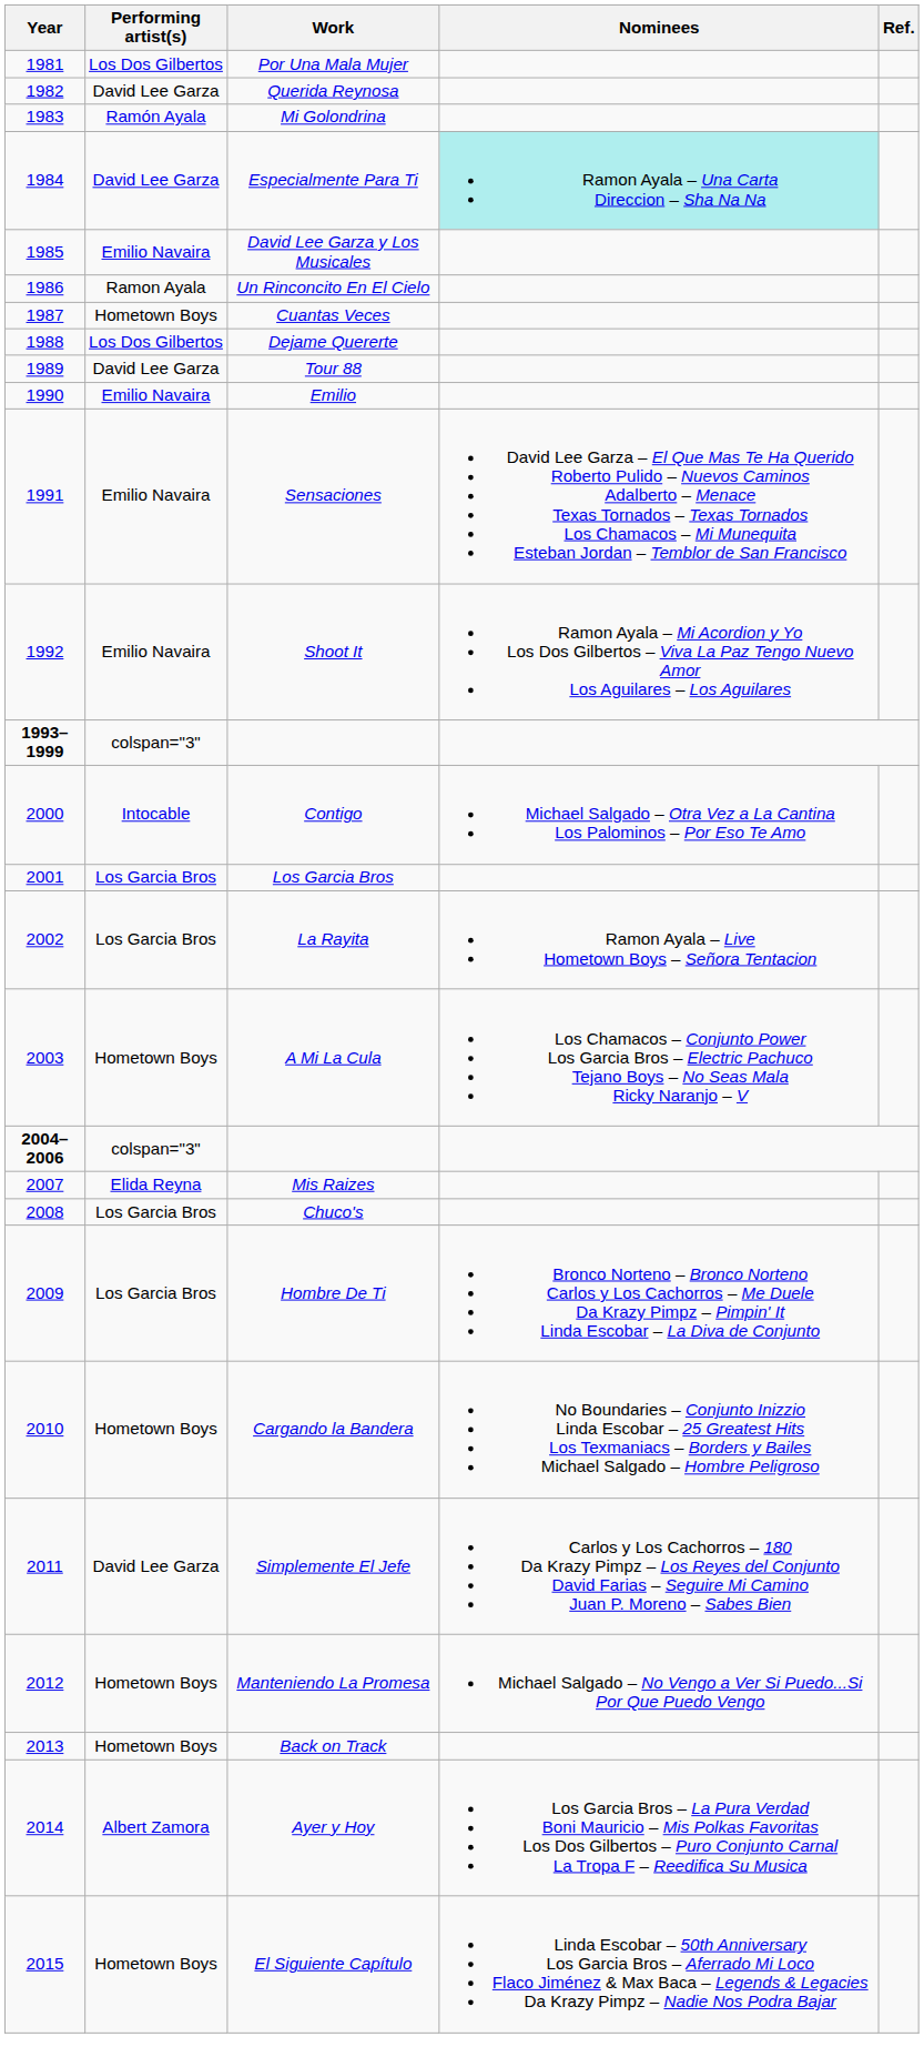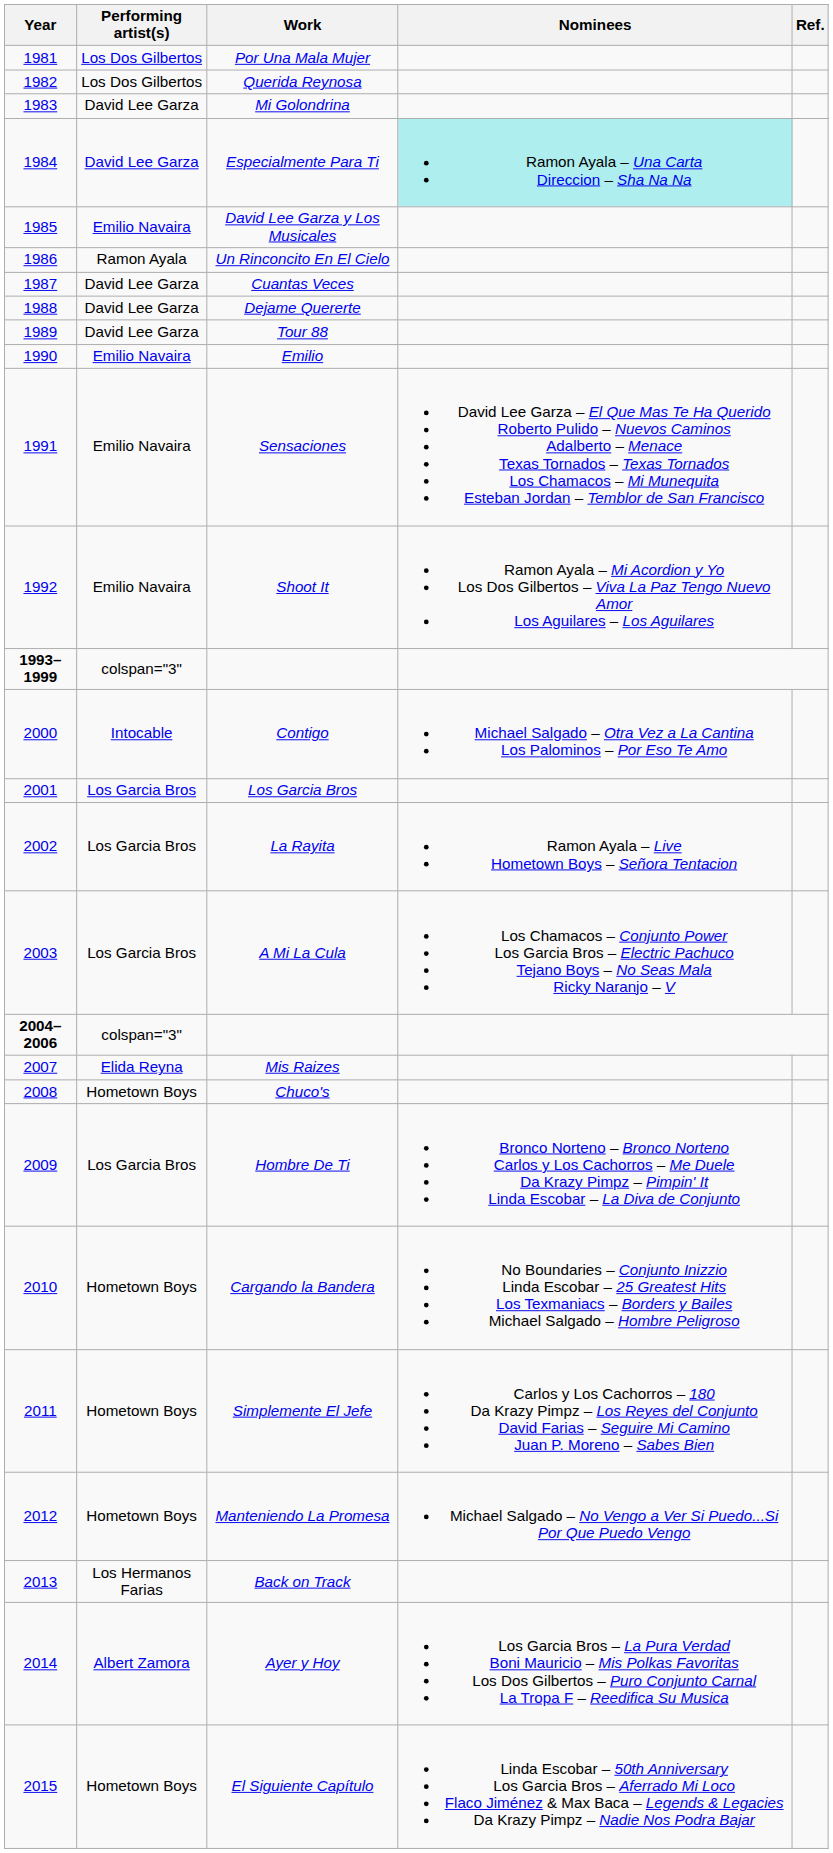 <table class="wikitable sortable" style="text-align: center;">
 <tr>
 <th bgcolor="#efefef">Year</th>
 <th bgcolor="#efefef">Performing artist(s)</th>
 <th bgcolor="#efefef">Work</th>
 <th bgcolor="#efefef" class=unsortable>Nominees</th>
 <th bgcolor="#efefef" class=unsortable>Ref.</th>
 </tr>
 <tr>
 <td><a href='#'>1981</a></td>
 <td><a href='#'>Los Dos Gilbertos</a></td>
 <td><em><a href='#'>Por Una Mala Mujer</a></em></td>
 <td></td>
 <td></td>
 </tr>
 <tr>
 <td><a href='#'>1982</a></td>
-<td>David Lee Garza</td>
+<td>Los Dos Gilbertos</td>
 <td><em><a href='#'>Querida Reynosa</a></em></td>
 <td></td>
 <td></td>
 </tr>
 <tr>
 <td><a href='#'>1983</a></td>
-<td><a href='#'>Ramón Ayala</a></td>
+<td>David Lee Garza</td>
 <td><em><a href='#'>Mi Golondrina</a></em></td>
 <td></td>
 <td></td>
 </tr>
 <tr>
 <td><a href='#'>1984</a></td>
 <td><a href='#'>David Lee Garza</a></td>
 <td><em><a href='#'>Especialmente Para Ti</a></em></td>
 <td style="background: paleturquoise;"><div><br><ul><li>Ramon Ayala – <em><a href='#'>Una Carta</a></em></li><li><a href='#'>Direccion</a> – <em><a href='#'>Sha Na Na</a></em></li></ul></div></td>
 <td></td>
 </tr>
 <tr>
 <td><a href='#'>1985</a></td>
 <td><a href='#'>Emilio Navaira</a></td>
 <td><em><a href='#'>David Lee Garza y Los Musicales</a></em></td>
 <td></td>
 <td></td>
 </tr>
 <tr>
 <td><a href='#'>1986</a></td>
 <td>Ramon Ayala</td>
 <td><em><a href='#'>Un Rinconcito En El Cielo</a></em></td>
 <td></td>
 <td></td>
 </tr>
 <tr>
 <td><a href='#'>1987</a></td>
-<td>Hometown Boys</td>
+<td>David Lee Garza</td>
 <td><em><a href='#'>Cuantas Veces</a></em></td>
 <td></td>
 <td></td>
 </tr>
 <tr>
 <td><a href='#'>1988</a></td>
-<td><a href='#'>Los Dos Gilbertos</a></td>
+<td>David Lee Garza</td>
 <td><em><a href='#'>Dejame Quererte</a></em></td>
 <td></td>
 <td></td>
 </tr>
 <tr>
 <td><a href='#'>1989</a></td>
 <td>David Lee Garza</td>
 <td><em><a href='#'>Tour 88</a></em></td>
 <td></td>
 <td></td>
 </tr>
 <tr>
 <td><a href='#'>1990</a></td>
 <td><a href='#'>Emilio Navaira</a></td>
 <td><em><a href='#'>Emilio</a></em></td>
 <td></td>
 <td></td>
 </tr>
 <tr>
 <td><a href='#'>1991</a></td>
 <td>Emilio Navaira</td>
 <td><em><a href='#'>Sensaciones</a></em></td>
 <td><div><br><ul><li>David Lee Garza – <em><a href='#'>El Que Mas Te Ha Querido</a></em></li><li><a href='#'>Roberto Pulido</a> – <em><a href='#'>Nuevos Caminos</a></em></li><li><a href='#'>Adalberto</a> – <em><a href='#'>Menace</a></em></li><li><a href='#'>Texas Tornados</a> – <em><a href='#'>Texas Tornados</a></em></li><li><a href='#'>Los Chamacos</a> – <em><a href='#'>Mi Munequita</a></em></li><li><a href='#'>Esteban Jordan</a> – <em><a href='#'>Temblor de San Francisco</a></em></li></ul></div></td>
 <td></td>
 </tr>
 <tr>
 <td><a href='#'>1992</a></td>
 <td>Emilio Navaira</td>
 <td><em><a href='#'>Shoot It</a></em></td>
 <td><div><br><ul><li>Ramon Ayala – <em><a href='#'>Mi Acordion y Yo</a></em></li><li>Los Dos Gilbertos – <em><a href='#'>Viva La Paz Tengo Nuevo Amor</a></em></li><li><a href='#'>Los Aguilares</a> – <em><a href='#'>Los Aguilares</a></em></li></ul></div></td>
 <td></td>
 </tr>
 <tr>
 <td><strong>1993–1999</strong></td>
 <td>colspan="3" </td>
 <td></td>
 </tr>
 <tr>
 <td><a href='#'>2000</a></td>
 <td><a href='#'>Intocable</a></td>
 <td><em><a href='#'>Contigo</a></em></td>
 <td><div><br><ul><li><a href='#'>Michael Salgado</a> – <em><a href='#'>Otra Vez a La Cantina</a></em></li><li><a href='#'>Los Palominos</a> – <em><a href='#'>Por Eso Te Amo</a></em></li></ul></div></td>
 <td></td>
 </tr>
 <tr>
 <td><a href='#'>2001</a></td>
 <td><a href='#'>Los Garcia Bros</a></td>
 <td><em><a href='#'>Los Garcia Bros</a></em></td>
 <td></td>
 <td></td>
 </tr>
 <tr>
 <td><a href='#'>2002</a></td>
 <td>Los Garcia Bros</td>
 <td><em><a href='#'>La Rayita</a></em></td>
 <td><div><br><ul><li>Ramon Ayala – <em><a href='#'>Live</a></em></li><li><a href='#'>Hometown Boys</a> – <em><a href='#'>Señora Tentacion</a></em></div></li></ul></td>
 <td></td>
 </tr>
 <tr>
 <td><a href='#'>2003</a></td>
-<td>Hometown Boys</td>
+<td>Los Garcia Bros</td>
 <td><em><a href='#'>A Mi La Cula</a></em></td>
 <td><div><br><ul><li>Los Chamacos – <em><a href='#'>Conjunto Power</a></em></li><li>Los Garcia Bros – <em><a href='#'>Electric Pachuco</a></em></li><li><a href='#'>Tejano Boys</a> – <em><a href='#'>No Seas Mala</a></em></li><li><a href='#'>Ricky Naranjo</a> – <em><a href='#'>V</a></em></li></ul></div></td>
 <td></td>
 </tr>
 <tr>
 <td><strong>2004–2006</strong></td>
 <td>colspan="3" </td>
 <td></td>
 </tr>
 <tr>
 <td><a href='#'>2007</a></td>
 <td><a href='#'>Elida Reyna</a></td>
 <td><em><a href='#'>Mis Raizes</a></em></td>
 <td></td>
 <td></td>
 </tr>
 <tr>
 <td><a href='#'>2008</a></td>
-<td>Los Garcia Bros</td>
+<td>Hometown Boys</td>
 <td><em><a href='#'>Chuco's</a></em></td>
 <td></td>
 <td></td>
 </tr>
 <tr>
 <td><a href='#'>2009</a></td>
 <td>Los Garcia Bros</td>
 <td><em><a href='#'>Hombre De Ti</a></em></td>
 <td><div><br><ul><li><a href='#'>Bronco Norteno</a> – <em><a href='#'>Bronco Norteno</a></em></li><li><a href='#'>Carlos y Los Cachorros</a> – <em><a href='#'>Me Duele</a></em></li><li><a href='#'>Da Krazy Pimpz</a> – <em><a href='#'>Pimpin' It</a></em></li><li><a href='#'>Linda Escobar</a> – <em><a href='#'>La Diva de Conjunto</a></em></li></ul></div></td>
 <td></td>
 </tr>
 <tr>
 <td><a href='#'>2010</a></td>
 <td>Hometown Boys</td>
 <td><em><a href='#'>Cargando la Bandera</a></em></td>
 <td><div><br><ul><li>No Boundaries – <em><a href='#'>Conjunto Inizzio</a></em></li><li>Linda Escobar – <em><a href='#'>25 Greatest Hits</a></em></li><li><a href='#'>Los Texmaniacs</a> – <em><a href='#'>Borders y Bailes</a></em></li><li>Michael Salgado – <em><a href='#'>Hombre Peligroso</a></em></li></ul></div></td>
 <td></td>
 </tr>
 <tr>
 <td><a href='#'>2011</a></td>
-<td>David Lee Garza</td>
+<td>Hometown Boys</td>
 <td><em><a href='#'>Simplemente El Jefe</a></em></td>
 <td><div><br><ul><li>Carlos y Los Cachorros – <em><a href='#'>180</a></em></li><li>Da Krazy Pimpz – <em><a href='#'>Los Reyes del Conjunto</a></em></li><li><a href='#'>David Farias</a> – <em><a href='#'>Seguire Mi Camino</a></em></li><li><a href='#'>Juan P. Moreno</a> – <em><a href='#'>Sabes Bien</a></em></li></ul></div></td>
 <td></td>
 </tr>
 <tr>
 <td><a href='#'>2012</a></td>
 <td>Hometown Boys</td>
 <td><em><a href='#'>Manteniendo La Promesa</a></em></td>
 <td><div><br><ul><li>Michael Salgado – <em><a href='#'>No Vengo a Ver Si Puedo...Si Por Que Puedo Vengo</a></em></li></ul></div></td>
 <td></td>
 </tr>
 <tr>
 <td><a href='#'>2013</a></td>
-<td>Hometown Boys</td>
+<td>Los Hermanos Farias</td>
 <td><em><a href='#'>Back on Track</a></em></td>
 <td></td>
 <td></td>
 </tr>
 <tr>
 <td><a href='#'>2014</a></td>
 <td><a href='#'>Albert Zamora</a></td>
 <td><em><a href='#'>Ayer y Hoy</a></em></td>
 <td><div><br><ul><li>Los Garcia Bros – <em><a href='#'>La Pura Verdad</a></em></li><li><a href='#'>Boni Mauricio</a> – <em><a href='#'>Mis Polkas Favoritas</a></em></li><li>Los Dos Gilbertos – <em><a href='#'>Puro Conjunto Carnal</a></em></li><li><a href='#'>La Tropa F</a> – <em><a href='#'>Reedifica Su Musica</a></em></li></ul></div></td>
 <td></td>
 </tr>
 <tr>
 <td><a href='#'>2015</a></td>
 <td>Hometown Boys</td>
 <td><em><a href='#'>El Siguiente Capítulo</a></em></td>
 <td><div><br><ul><li>Linda Escobar – <em><a href='#'>50th Anniversary</a></em></li><li>Los Garcia Bros – <em><a href='#'>Aferrado Mi Loco</a></em></li><li><a href='#'>Flaco Jiménez</a> & Max Baca – <em><a href='#'>Legends & Legacies</a></em></li><li>Da Krazy Pimpz – <em><a href='#'>Nadie Nos Podra Bajar</a></em></li></ul></div></td>
 <td></td>
 </tr>
 </table>
